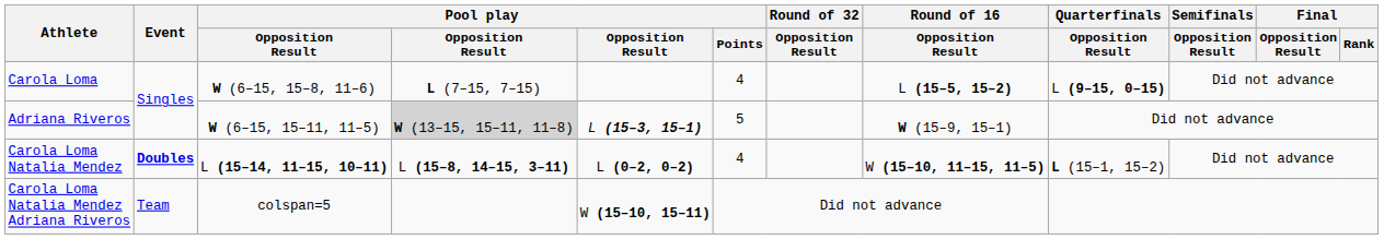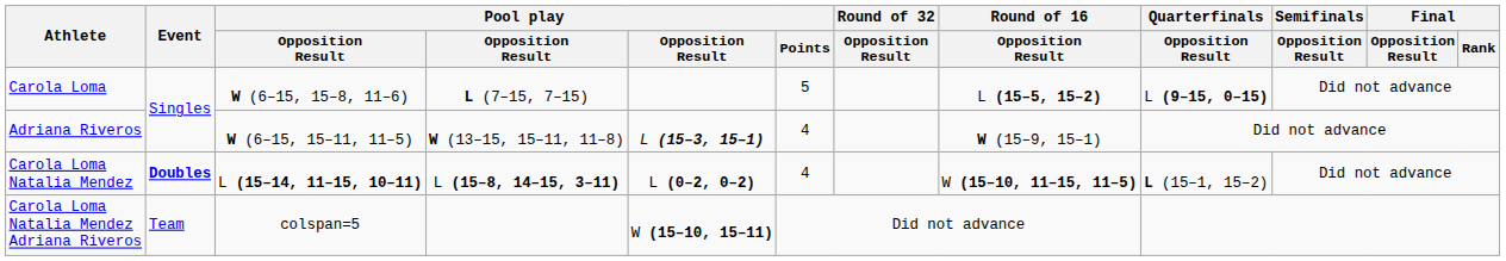 <table class=wikitable style="font-size:90%;">
 <tr>
 <th rowspan=2>Athlete</th>
 <th rowspan=2>Event</th>
 <th colspan=4>Pool play</th>
 <th>Round of 32</th>
 <th>Round of 16</th>
 <th>Quarterfinals</th>
 <th>Semifinals</th>
 <th colspan=2>Final</th>
 </tr>
 <tr style="font-size:95%">
 <th>Opposition<br>Result</th>
 <th>Opposition<br>Result</th>
 <th>Opposition<br>Result</th>
 <th>Points</th>
 <th>Opposition<br>Result</th>
 <th>Opposition<br>Result</th>
 <th>Opposition<br>Result</th>
 <th>Opposition<br>Result</th>
 <th>Opposition<br>Result</th>
 <th>Rank</th>
 </tr>
 <tr align=center>
 <td align=left><a href='#'>Carola Loma</a></td>
 <td align=left rowspan=2><a href='#'>Singles</a></td>
 <td><br><strong>W</strong> (6–15, 15–8, 11–6)</td>
 <td><br><strong>L</strong> (7–15, 7–15)</td>
 <td><br> </td>
-<td>4</td>
+<td>5</td>
 <td></td>
 <td><br></strong>L<strong> (15–5, 15–2)</td>
 <td><br></strong>L<strong> (9–15, 0–15)</td>
 <td colspan=3>Did not advance</td>
 </tr>
 <tr align=center>
 <td align=left><a href='#'>Adriana Riveros</a></td>
 <td><br><strong>W</strong> (6–15, 15–11, 11–5)</td>
-<td style="background: lightgrey;"><br><strong>W</strong> (13–15, 15–11, 11–8)</td>
+<td><br><strong>W</strong> (13–15, 15–11, 11–8)</td>
 <td><br><em>L<strong> (15–3, 15–1)</td>
-<td>5</td>
+<td>4</td>
 <td></td>
 <td><br><strong>W</strong> (15–9, 15–1)</td>
 <td colspan=4>Did not advance</td>
 </tr>
 <tr align=center>
 <td align=left><a href='#'>Carola Loma</a><br><a href='#'>Natalia Mendez</a></td>
 <td align=left><strong><a href='#'>Doubles</a></strong></td>
 <td><br></strong>L<strong> (15–14, 11–15, 10–11)</td>
 <td><br></strong>L<strong> (15–8, 14–15, 3–11)</td>
 <td><br></strong>L<strong> (0–2, 0–2)</td>
 <td>4</td>
 <td></td>
 <td><br></strong>W<strong> (15–10, 11–15, 11–5)</td>
 <td><br><strong>L</strong> (15–1, 15–2)</td>
 <td colspan=3>Did not advance</td>
 </tr>
 <tr align=center>
 <td align=left><a href='#'>Carola Loma</a><br><a href='#'>Natalia Mendez</a><br><a href='#'>Adriana Riveros</a></td>
 <td align=left><a href='#'>Team</a></td>
 <td>colspan=5 </td>
 <td></td>
 <td><br></strong>W<strong> (15–10, 15–11)</td>
 <td colspan=3>Did not advance</td>
 </tr>
 </table>
